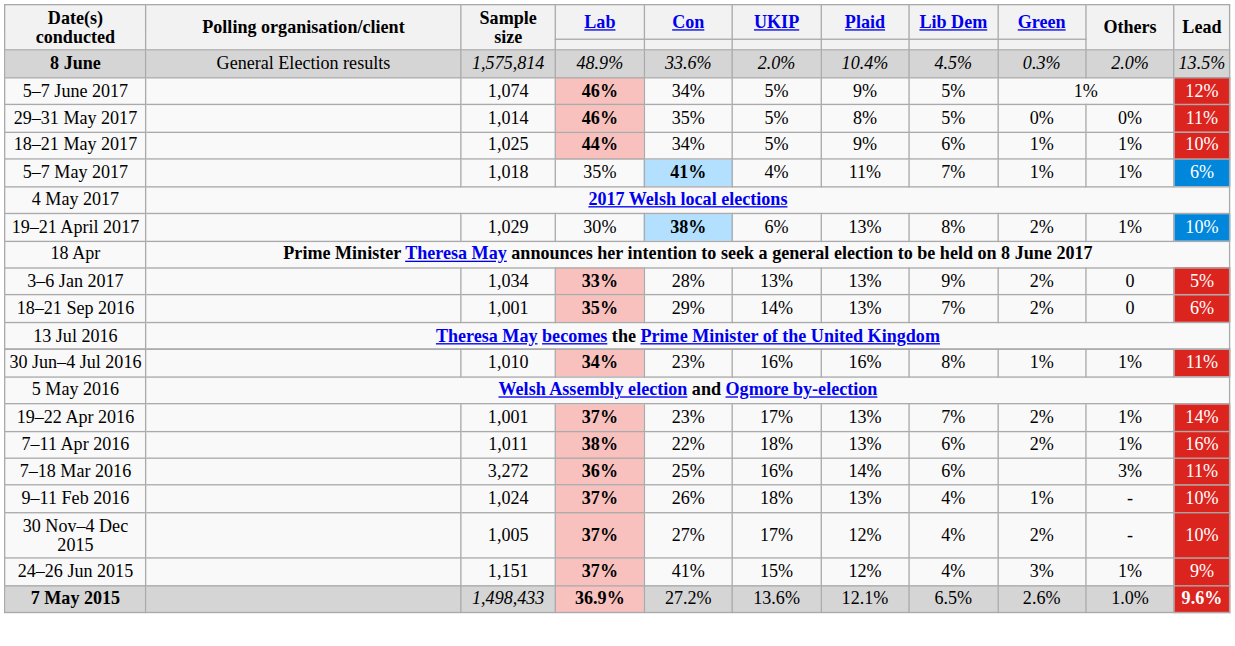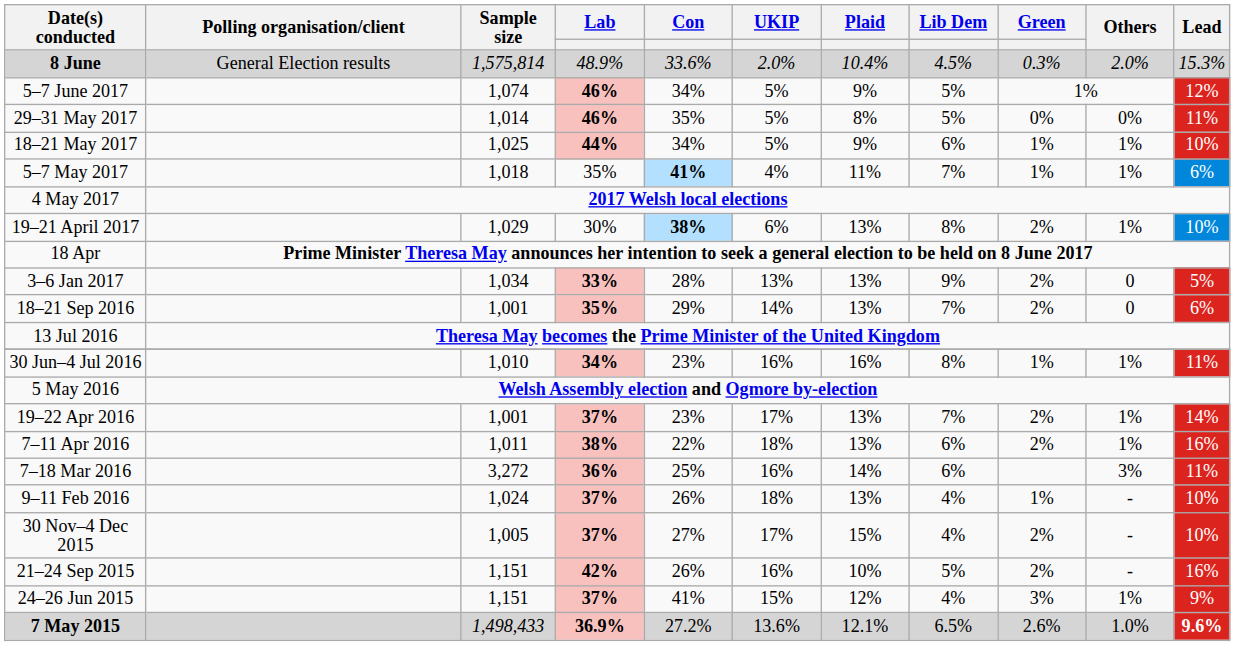 <table class="wikitable sortable collapsible" style="text-align:center;font-size:85%;line-height:14px">
 <tr>
 <th style="width:100px;" rowspan="2">Date(s)<br>conducted</th>
 <th style="width:230px;" rowspan="2">Polling organisation/client</th>
 <th style="width:65px;" rowspan="2">Sample size</th>
 <th style="width:60px;" class="unsortable"><a href='#'>Lab</a></th>
 <th style="width:60px;" class="unsortable"><a href='#'>Con</a></th>
 <th style="width:60px;" class="unsortable"><a href='#'>UKIP</a></th>
 <th style="width:60px;" class="unsortable"><a href='#'>Plaid</a></th>
 <th style="width:60px;" class="unsortable"><a href='#'>Lib Dem</a></th>
 <th style="width:60px;" class="unsortable"><a href='#'>Green</a></th>
 <th style="width:60px;" rowspan="2" class="unsortable">Others</th>
 <th class="unsortable" style="width:20px;" rowspan="2">Lead</th>
 </tr>
 <tr>
 <th class="unsortable" style="color:inherit;background:"></th>
 <th class="unsortable" style="color:inherit;background:"></th>
 <th class="unsortable" style="color:inherit;background:"></th>
 <th class="unsortable" style="color:inherit;background:"></th>
 <th class="unsortable" style="color:inherit;background:"></th>
 <th class="unsortable" style="color:inherit;background:"></th>
 </tr>
 <tr>
 <td style="background:#D5D5D5"><strong>8 June</strong></td>
 <td style="background:#D5D5D5">General Election results</td>
 <td style="background:#D5D5D5"><em> 1,575,814</em></td>
 <td style="background:#D5D5D5"><em>48.9%</em></td>
 <td style="background:#D5D5D5"><em>33.6%</em></td>
 <td style="background:#D5D5D5"><em>2.0%</em></td>
 <td style="background:#D5D5D5"><em>10.4%</em></td>
 <td style="background:#D5D5D5"><em>4.5%</em></td>
 <td style="background:#D5D5D5"><em>0.3%</em></td>
 <td style="background:#D5D5D5"><em>2.0%</em></td>
-<td style="background:#D5D5D5"><em>13.5%</em></td>
+<td style="background:#D5D5D5"><em>15.3%</em></td>
 </tr>
 <tr>
 <td>5–7 June 2017</td>
 <td></td>
 <td>1,074</td>
 <td style="background:#F8C1BE"><strong>46%</strong></td>
 <td>34%</td>
 <td>5%</td>
 <td>9%</td>
 <td>5%</td>
 <td colspan="2">1%</td>
 <td style="background:#dc241f; color:white;">12%</td>
 </tr>
 <tr>
 <td>29–31 May 2017</td>
 <td></td>
 <td>1,014</td>
 <td style="background:#F8C1BE"><strong>46%</strong></td>
 <td>35%</td>
 <td>5%</td>
 <td>8%</td>
 <td>5%</td>
 <td>0%</td>
 <td>0%</td>
 <td style="background:#dc241f; color:white;">11%</td>
 </tr>
 <tr>
 <td>18–21 May 2017</td>
 <td></td>
 <td>1,025</td>
 <td style="background:#F8C1BE"><strong>44%</strong></td>
 <td>34%</td>
 <td>5%</td>
 <td>9%</td>
 <td>6%</td>
 <td>1%</td>
 <td>1%</td>
 <td style="background:#dc241f; color:white;">10%</td>
 </tr>
 <tr>
 <td>5–7 May 2017</td>
 <td></td>
 <td>1,018</td>
 <td>35%</td>
 <td style="background:#B3E0FF"><strong>41%</strong></td>
 <td>4%</td>
 <td>11%</td>
 <td>7%</td>
 <td>1%</td>
 <td>1%</td>
 <td style="background:#0087DC; color:white;">6%</td>
 </tr>
 <tr>
 <td>4 May 2017</td>
 <td colspan="10"><strong><a href='#'>2017 Welsh local elections</a></strong></td>
 </tr>
 <tr>
 <td>19–21 April 2017</td>
 <td></td>
 <td>1,029</td>
 <td>30%</td>
 <td style="background:#B3E0FF"><strong>38%</strong></td>
 <td>6%</td>
 <td>13%</td>
 <td>8%</td>
 <td>2%</td>
 <td>1%</td>
 <td style="background:#0087DC; color:white;">10%</td>
 </tr>
 <tr>
 <td>18 Apr</td>
 <td colspan="10"><strong>Prime Minister <a href='#'>Theresa May</a> announces her intention to seek a general election to be held on 8 June 2017</strong></td>
 </tr>
 <tr>
 <td>3–6 Jan 2017</td>
 <td></td>
 <td>1,034</td>
 <td style="background:#F8C1BE"><strong>33%</strong></td>
 <td>28%</td>
 <td>13%</td>
 <td>13%</td>
 <td>9%</td>
 <td>2%</td>
 <td>0</td>
 <td style="background:#dc241f; color:white;">5%</td>
 </tr>
 <tr>
 <td>18–21 Sep 2016</td>
 <td></td>
 <td>1,001</td>
 <td style="background:#F8C1BE"><strong>35%</strong></td>
 <td>29%</td>
 <td>14%</td>
 <td>13%</td>
 <td>7%</td>
 <td>2%</td>
 <td>0</td>
 <td style="background:#dc241f; color:white;">6%</td>
 </tr>
 <tr>
 <td>13 Jul 2016</td>
 <td colspan="10"><strong><a href='#'>Theresa May</a> <a href='#'>becomes</a> the <a href='#'>Prime Minister of the United Kingdom</a></strong></td>
 </tr>
 <tr>
 </tr>
 <tr>
 <td>30 Jun–4 Jul 2016</td>
 <td></td>
 <td>1,010</td>
 <td style="background:#F8C1BE"><strong>34%</strong></td>
 <td>23%</td>
 <td>16%</td>
 <td>16%</td>
 <td>8%</td>
 <td>1%</td>
 <td>1%</td>
 <td style="background:#dc241f; color:white;">11%</td>
 </tr>
 <tr>
 <td>5 May 2016</td>
 <td colspan="10"><strong><a href='#'>Welsh Assembly election</a> and <a href='#'>Ogmore by-election</a></strong></td>
 </tr>
 <tr>
 <td>19–22 Apr 2016</td>
 <td></td>
 <td>1,001</td>
 <td style="background:#F8C1BE"><strong>37%</strong></td>
 <td>23%</td>
 <td>17%</td>
 <td>13%</td>
 <td>7%</td>
 <td>2%</td>
 <td>1%</td>
 <td style="background:#dc241f; color:white;">14%</td>
 </tr>
 <tr>
 <td>7–11 Apr 2016</td>
 <td></td>
 <td>1,011</td>
 <td style="background:#F8C1BE"><strong>38%</strong></td>
 <td>22%</td>
 <td>18%</td>
 <td>13%</td>
 <td>6%</td>
 <td>2%</td>
 <td>1%</td>
 <td style="background:#dc241f; color:white;">16%</td>
 </tr>
 <tr>
 <td>7–18 Mar 2016</td>
 <td> </td>
 <td>3,272</td>
 <td style="background:#F8C1BE"><strong>36%</strong></td>
 <td>25%</td>
 <td>16%</td>
 <td>14%</td>
 <td>6%</td>
 <td></td>
 <td>3%</td>
 <td style="background:#DC241F; color:white;">11%</td>
 </tr>
 <tr>
 <td>9–11 Feb 2016</td>
 <td></td>
 <td>1,024</td>
 <td style="background:#F8C1BE"><strong>37%</strong></td>
 <td>26%</td>
 <td>18%</td>
 <td>13%</td>
 <td>4%</td>
 <td>1%</td>
 <td>-</td>
 <td style="background:#dc241f; color:white;">10%</td>
 </tr>
 <tr>
 <td>30 Nov–4 Dec 2015</td>
 <td></td>
 <td>1,005</td>
 <td style="background:#F8C1BE"><strong>37%</strong></td>
 <td>27%</td>
 <td>17%</td>
-<td>12%</td>
+<td>15%</td>
 <td>4%</td>
 <td>2%</td>
 <td>-</td>
 <td style="background:#dc241f; color:white;">10%</td>
+</tr>
+<tr>
+<td>21–24 Sep 2015</td>
+<td></td>
+<td>1,151</td>
+<td style="background:#F8C1BE"><strong>42%</strong></td>
+<td>26%</td>
+<td>16%</td>
+<td>10%</td>
+<td>5%</td>
+<td>2%</td>
+<td>-</td>
+<td style="background:#dc241f; color:white;">16%</td>
 </tr>
 <tr>
 <td>24–26 Jun 2015</td>
 <td></td>
 <td>1,151</td>
 <td style="background:#F8C1BE"><strong>37%</strong></td>
 <td>41%</td>
 <td>15%</td>
 <td>12%</td>
 <td>4%</td>
 <td>3%</td>
 <td>1%</td>
 <td style="background:#dc241f; color:white;">9%</td>
 </tr>
 <tr>
 <td style="background:#D5D5D5"><strong>7 May 2015</strong></td>
 <td style="background:#D5D5D5"></td>
 <td style="background:#D5D5D5"><em>1,498,433</em></td>
 <td style="background:#F8C1BE"><strong>36.9%</strong></td>
 <td style="background:#D5D5D5">27.2%</td>
 <td style="background:#D5D5D5">13.6%</td>
 <td style="background:#D5D5D5">12.1%</td>
 <td style="background:#D5D5D5">6.5%</td>
 <td style="background:#D5D5D5">2.6%</td>
 <td style="background:#D5D5D5">1.0%</td>
 <td style="background:#dc241f; color:white;"><strong>9.6%</strong></td>
 </tr>
 </table>
